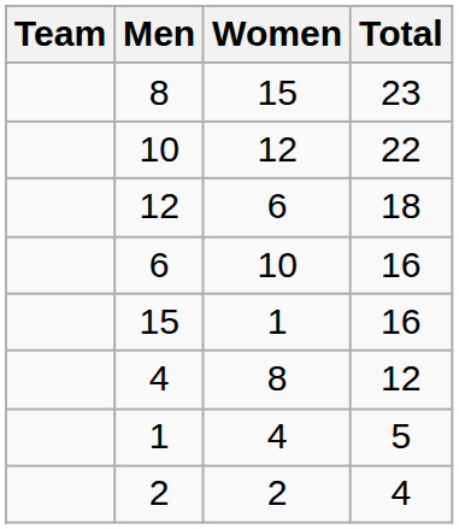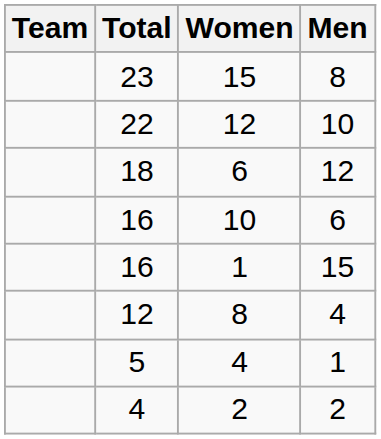 <table class=wikitable style="text-align:center">
 <tr>
 <th>Team</th>
+<th>Total</th>
+<th>Women</th>
 <th>Men</th>
-<th>Women</th>
-<th>Total</th>
 </tr>
 <tr>
 <td align=left></td>
+<td>23</td>
+<td>15</td>
 <td>8</td>
-<td>15</td>
-<td>23</td>
 </tr>
 <tr>
 <td align=left></td>
+<td>22</td>
+<td>12</td>
 <td>10</td>
+</tr>
+<tr>
+<td align=left></td>
+<td>18</td>
+<td>6</td>
 <td>12</td>
-<td>22</td>
+</tr>
+<tr>
+<td align=left></td>
+<td>16</td>
+<td>10</td>
+<td>6</td>
+</tr>
+<tr>
+<td align=left></td>
+<td>16</td>
+<td>1</td>
+<td>15</td>
 </tr>
 <tr>
 <td align=left></td>
 <td>12</td>
-<td>6</td>
-<td>18</td>
+<td>8</td>
+<td>4</td>
 </tr>
 <tr>
 <td align=left></td>
-<td>6</td>
-<td>10</td>
-<td>16</td>
-</tr>
-<tr>
-<td align=left></td>
-<td>15</td>
+<td>5</td>
+<td>4</td>
 <td>1</td>
-<td>16</td>
 </tr>
 <tr>
 <td align=left></td>
 <td>4</td>
-<td>8</td>
-<td>12</td>
-</tr>
-<tr>
-<td align=left></td>
-<td>1</td>
-<td>4</td>
-<td>5</td>
-</tr>
-<tr>
-<td align=left></td>
 <td>2</td>
 <td>2</td>
-<td>4</td>
 </tr>
 </table>
